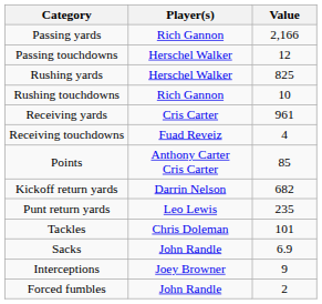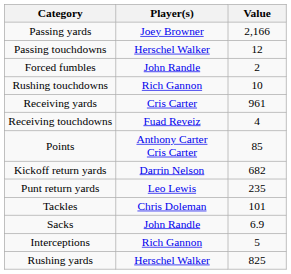 <table class="wikitable" style="text-align:center">
 <tr>
 <th width=150px>Category</th>
 <th width=150px>Player(s)</th>
 <th width=75px>Value</th>
 </tr>
 <tr>
 <td>Passing yards</td>
-<td><a href='#'>Rich Gannon</a></td>
+<td><a href='#'>Joey Browner</a></td>
 <td>2,166</td>
 </tr>
 <tr>
 <td>Passing touchdowns</td>
 <td><a href='#'>Herschel Walker</a></td>
 <td>12</td>
 </tr>
 <tr>
-<td>Rushing yards</td>
-<td><a href='#'>Herschel Walker</a></td>
-<td>825</td>
+<td>Forced fumbles</td>
+<td><a href='#'>John Randle</a></td>
+<td>2</td>
 </tr>
 <tr>
 <td>Rushing touchdowns</td>
 <td><a href='#'>Rich Gannon</a></td>
 <td>10</td>
 </tr>
 <tr>
 <td>Receiving yards</td>
 <td><a href='#'>Cris Carter</a></td>
 <td>961</td>
 </tr>
 <tr>
 <td>Receiving touchdowns</td>
 <td><a href='#'>Fuad Reveiz</a></td>
 <td>4</td>
 </tr>
 <tr>
 <td>Points</td>
 <td><a href='#'>Anthony Carter</a> <br> <a href='#'>Cris Carter</a></td>
 <td>85</td>
 </tr>
 <tr>
 <td>Kickoff return yards</td>
 <td><a href='#'>Darrin Nelson</a></td>
 <td>682</td>
 </tr>
 <tr>
 <td>Punt return yards</td>
 <td><a href='#'>Leo Lewis</a></td>
 <td>235</td>
 </tr>
 <tr>
 <td>Tackles</td>
 <td><a href='#'>Chris Doleman</a></td>
 <td>101</td>
 </tr>
 <tr>
 <td>Sacks</td>
 <td><a href='#'>John Randle</a></td>
 <td>6.9</td>
 </tr>
 <tr>
 <td>Interceptions</td>
-<td><a href='#'>Joey Browner</a></td>
-<td>9</td>
+<td><a href='#'>Rich Gannon</a></td>
+<td>5</td>
 </tr>
 <tr>
-<td>Forced fumbles</td>
-<td><a href='#'>John Randle</a></td>
-<td>2</td>
+<td>Rushing yards</td>
+<td><a href='#'>Herschel Walker</a></td>
+<td>825</td>
 </tr>
 </table>
